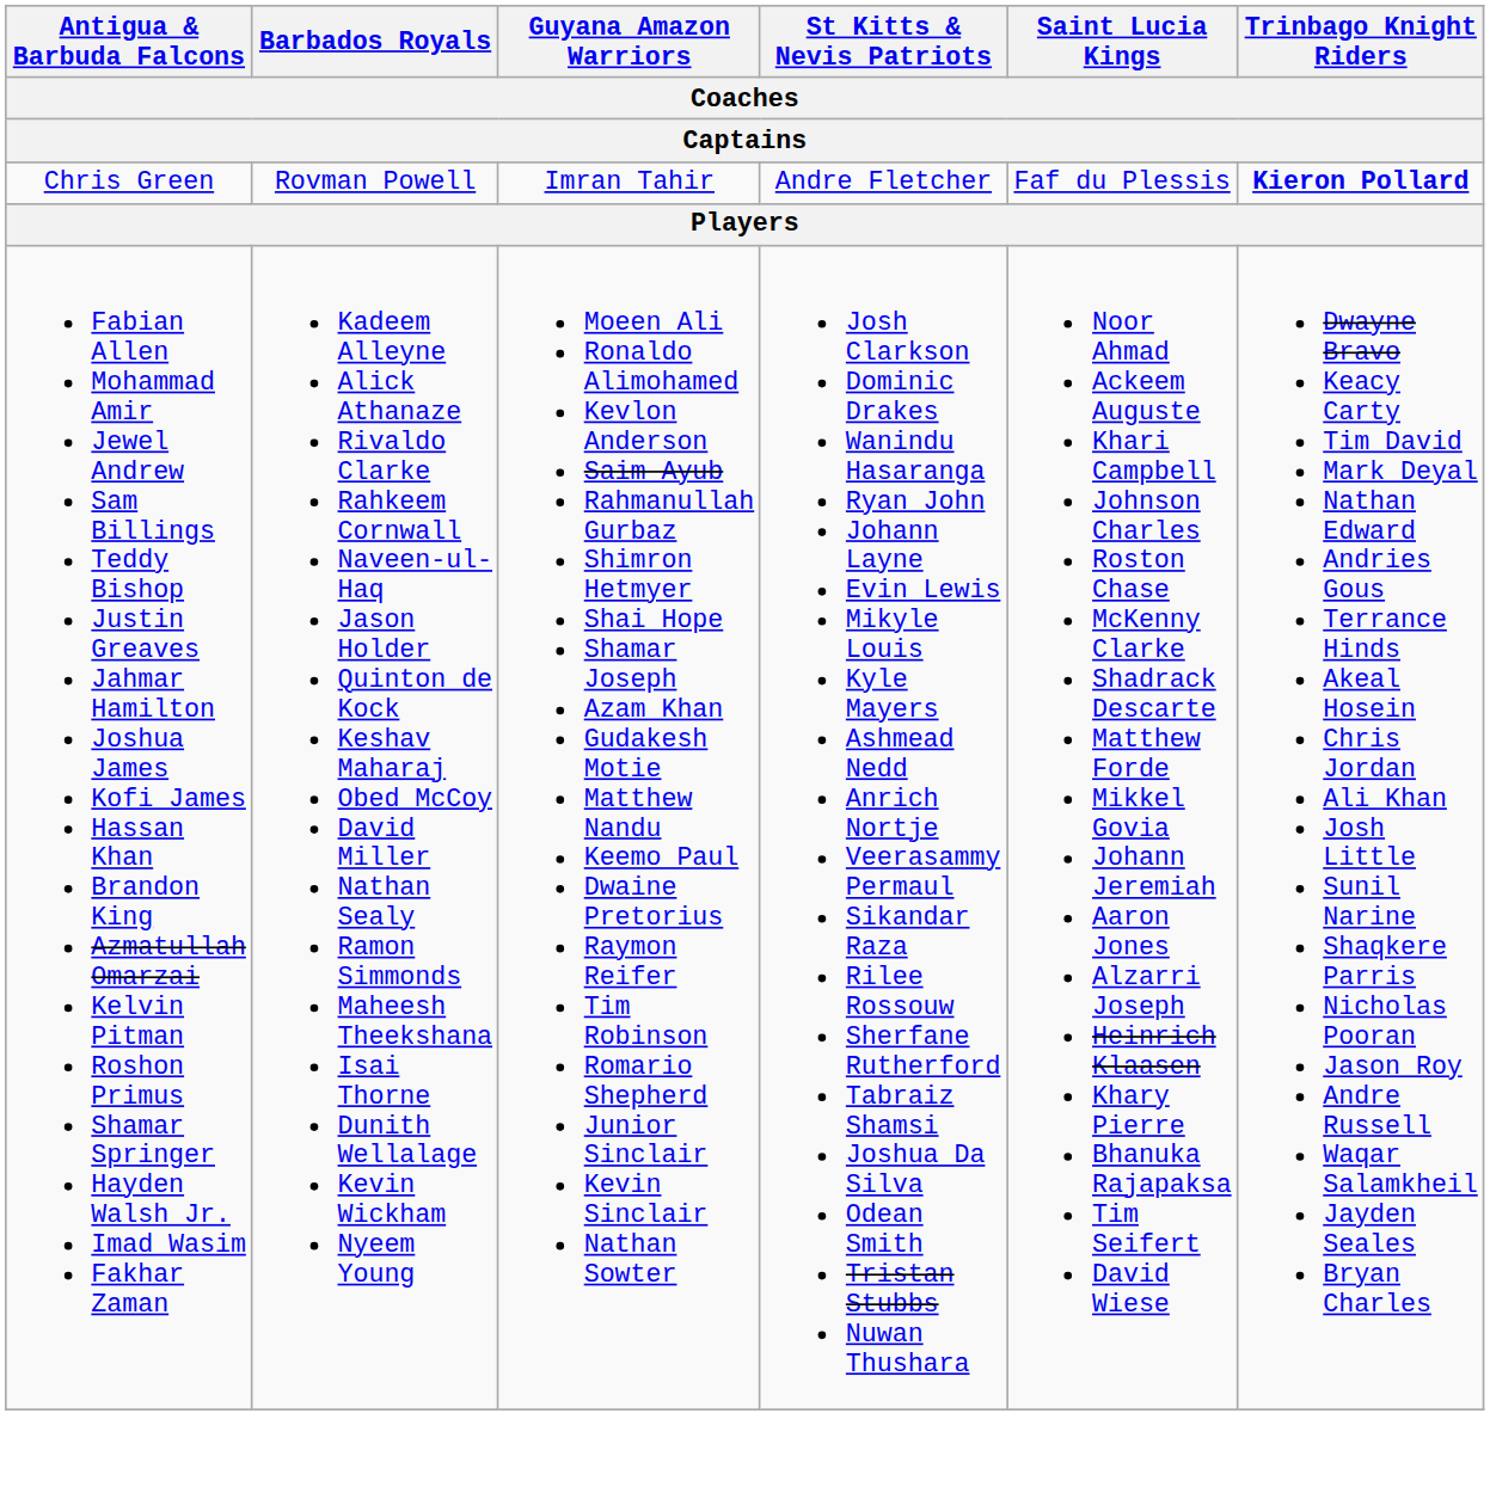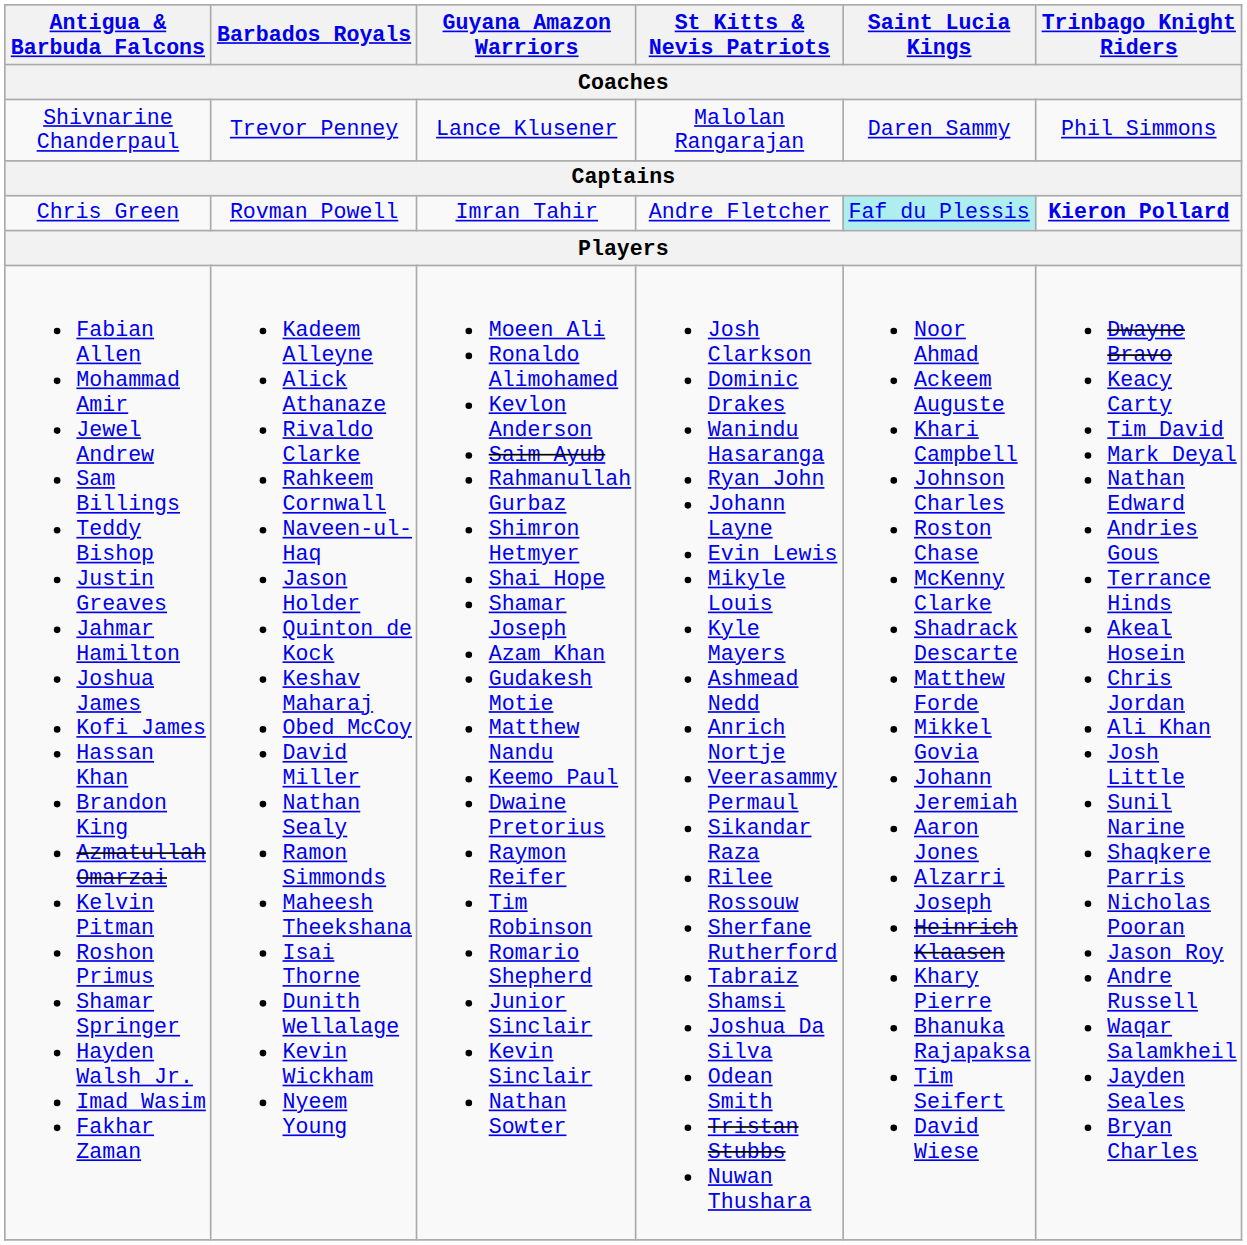 <table class="wikitable" style="text-align:left;">
 <tr>
 <th><a href='#'>Antigua & Barbuda Falcons</a></th>
 <th><a href='#'>Barbados Royals</a></th>
 <th><a href='#'>Guyana Amazon Warriors</a></th>
 <th><a href='#'>St Kitts & Nevis Patriots</a></th>
 <th><a href='#'>Saint Lucia Kings</a></th>
 <th><a href='#'>Trinbago Knight Riders</a></th>
 </tr>
 <tr>
 <th colspan="6">Coaches</th>
 </tr>
 <tr>
+<td style="text-align:center;"><a href='#'>Shivnarine Chanderpaul</a></td>
+<td style="text-align:center;"><a href='#'>Trevor Penney</a></td>
+<td style="text-align:center;"><a href='#'>Lance Klusener</a></td>
+<td style="text-align:center;"><a href='#'>Malolan Rangarajan</a></td>
+<td style="text-align:center;"><a href='#'>Daren Sammy</a></td>
+<td style="text-align:center;"><a href='#'>Phil Simmons</a></td>
+</tr>
+<tr>
 <th colspan=6>Captains</th>
 </tr>
 <tr>
 <td style="text-align:center;"><a href='#'>Chris Green</a></td>
 <td style="text-align:center;"><a href='#'>Rovman Powell</a></td>
 <td style="text-align:center;"><a href='#'>Imran Tahir</a></td>
 <td style="text-align:center;"><a href='#'>Andre Fletcher</a></td>
-<td style="text-align:center;"><a href='#'>Faf du Plessis</a></td>
+<td style="background: paleturquoise; text-align:center;"><a href='#'>Faf du Plessis</a></td>
 <td style="text-align:center;"><strong><a href='#'>Kieron Pollard</a></strong></td>
 </tr>
 <tr>
 <th colspan=6>Players</th>
 </tr>
 <tr>
 <td valign=top><br><ul><li><a href='#'>Fabian Allen</a></li><li><a href='#'>Mohammad Amir</a></li><li><a href='#'>Jewel Andrew</a></li><li><a href='#'>Sam Billings</a></li><li><a href='#'>Teddy Bishop</a></li><li><a href='#'>Justin Greaves</a></li><li><a href='#'>Jahmar Hamilton</a></li><li><a href='#'>Joshua James</a></li><li><a href='#'>Kofi James</a></li><li><a href='#'>Hassan Khan</a></li><li><a href='#'>Brandon King</a></li><li><s> <a href='#'>Azmatullah Omarzai</a></s></li><li><a href='#'>Kelvin Pitman</a></li><li><a href='#'>Roshon Primus</a></li><li><a href='#'>Shamar Springer</a></li><li><a href='#'>Hayden Walsh Jr.</a></li><li><a href='#'>Imad Wasim</a></li><li><a href='#'>Fakhar Zaman</a></li></ul></td>
 <td valign=top><br><ul><li><a href='#'>Kadeem Alleyne</a></li><li><a href='#'>Alick Athanaze</a></li><li><a href='#'>Rivaldo Clarke</a></li><li><a href='#'>Rahkeem Cornwall</a></li><li><a href='#'>Naveen-ul-Haq</a></li><li><a href='#'>Jason Holder</a></li><li><a href='#'>Quinton de Kock</a></li><li><a href='#'>Keshav Maharaj</a></li><li><a href='#'>Obed McCoy</a></li><li><a href='#'>David Miller</a></li><li><a href='#'>Nathan Sealy</a></li><li><a href='#'>Ramon Simmonds</a></li><li><a href='#'>Maheesh Theekshana</a></li><li><a href='#'>Isai Thorne</a></li><li><a href='#'>Dunith Wellalage</a></li><li><a href='#'>Kevin Wickham</a></li><li><a href='#'>Nyeem Young</a></li></ul></td>
 <td valign=top><br><ul><li><a href='#'>Moeen Ali</a></li><li><a href='#'>Ronaldo Alimohamed</a></li><li><a href='#'>Kevlon Anderson</a></li><li><s> <a href='#'>Saim Ayub</a></s></li><li><a href='#'>Rahmanullah Gurbaz</a></li><li><a href='#'>Shimron Hetmyer</a></li><li><a href='#'>Shai Hope</a></li><li><a href='#'>Shamar Joseph</a></li><li><a href='#'>Azam Khan</a></li><li><a href='#'>Gudakesh Motie</a></li><li><a href='#'>Matthew Nandu</a></li><li><a href='#'>Keemo Paul</a></li><li><a href='#'>Dwaine Pretorius</a></li><li><a href='#'>Raymon Reifer</a></li><li><a href='#'>Tim Robinson</a></li><li><a href='#'>Romario Shepherd</a></li><li><a href='#'>Junior Sinclair</a></li><li><a href='#'>Kevin Sinclair</a></li><li><a href='#'>Nathan Sowter</a></li></ul></td>
 <td valign=top><br><ul><li><a href='#'>Josh Clarkson</a></li><li><a href='#'>Dominic Drakes</a></li><li><a href='#'>Wanindu Hasaranga</a></li><li><a href='#'>Ryan John</a></li><li><a href='#'>Johann Layne</a></li><li><a href='#'>Evin Lewis</a></li><li><a href='#'>Mikyle Louis</a></li><li><a href='#'>Kyle Mayers</a></li><li><a href='#'>Ashmead Nedd</a></li><li><a href='#'>Anrich Nortje</a></li><li><a href='#'>Veerasammy Permaul</a></li><li><a href='#'>Sikandar Raza</a></li><li><a href='#'>Rilee Rossouw</a></li><li><a href='#'>Sherfane Rutherford</a></li><li><a href='#'>Tabraiz Shamsi</a></li><li><a href='#'>Joshua Da Silva</a></li><li><a href='#'>Odean Smith</a></li><li><s> <a href='#'>Tristan Stubbs</a></s></li><li><a href='#'>Nuwan Thushara</a></li></ul></td>
 <td valign=top><br><ul><li><a href='#'>Noor Ahmad</a></li><li><a href='#'>Ackeem Auguste</a></li><li><a href='#'>Khari Campbell</a></li><li><a href='#'>Johnson Charles</a></li><li><a href='#'>Roston Chase</a></li><li><a href='#'>McKenny Clarke</a></li><li><a href='#'>Shadrack Descarte</a></li><li><a href='#'>Matthew Forde</a></li><li><a href='#'>Mikkel Govia</a></li><li><a href='#'>Johann Jeremiah</a></li><li><a href='#'>Aaron Jones</a></li><li><a href='#'>Alzarri Joseph</a></li><li><s> <a href='#'>Heinrich Klaasen</a></s></li><li><a href='#'>Khary Pierre</a></li><li><a href='#'>Bhanuka Rajapaksa</a></li><li><a href='#'>Tim Seifert</a></li><li><a href='#'>David Wiese</a></li></ul></td>
 <td valign=top><br><ul><li><s>  <a href='#'>Dwayne Bravo</a> </s></li><li><a href='#'>Keacy Carty</a></li><li><a href='#'>Tim David</a></li><li><a href='#'>Mark Deyal</a></li><li><a href='#'>Nathan Edward</a></li><li><a href='#'>Andries Gous</a></li><li><a href='#'>Terrance Hinds</a></li><li><a href='#'>Akeal Hosein</a></li><li><a href='#'>Chris Jordan</a></li><li><a href='#'>Ali Khan</a></li><li><a href='#'>Josh Little</a></li><li><a href='#'>Sunil Narine</a></li><li><a href='#'>Shaqkere Parris</a></li><li><a href='#'>Nicholas Pooran</a></li><li><a href='#'>Jason Roy</a></li><li><a href='#'>Andre Russell</a></li><li><a href='#'>Waqar Salamkheil</a></li><li><a href='#'>Jayden Seales</a></li><li><a href='#'>Bryan Charles</a></li></ul></td>
 </tr>
 </table>
